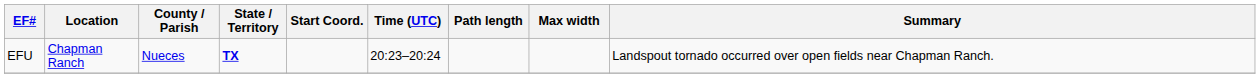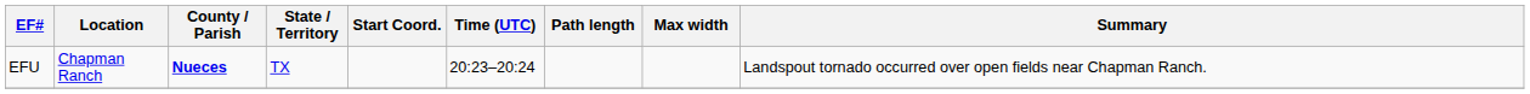 <table class="wikitable sortable" style="width:100%;">
 <tr>
 <th scope="col"  style="width:3%; text-align:center;"><a href='#'>EF#</a></th>
 <th scope="col"  style="width:7%; text-align:center;" class="unsortable">Location</th>
 <th scope="col"  style="width:6%; text-align:center;" class="unsortable">County / Parish</th>
 <th scope="col"  style="width:5%; text-align:center;">State / Territory</th>
 <th scope="col"  style="width:6%; text-align:center;">Start Coord.</th>
 <th scope="col"  style="width:6%; text-align:center;">Time (<a href='#'>UTC</a>)</th>
 <th scope="col"  style="width:6%; text-align:center;">Path length</th>
 <th scope="col"  style="width:6%; text-align:center;">Max width</th>
 <th scope="col" class="unsortable" style="width:48%; text-align:center;">Summary</th>
 </tr>
 <tr>
 <td>EFU</td>
 <td><a href='#'>Chapman Ranch</a></td>
-<td><a href='#'>Nueces</a></td>
-<td><strong><a href='#'>TX</a></strong></td>
+<td><strong><a href='#'>Nueces</a></strong></td>
+<td><a href='#'>TX</a></td>
 <td></td>
 <td>20:23–20:24</td>
 <td></td>
 <td></td>
 <td>Landspout tornado occurred over open fields near Chapman Ranch.</td>
 </tr>
 <tr>
 </tr>
 </table>
